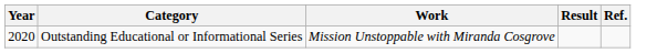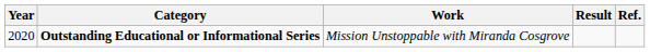 <table class="wikitable">
 <tr>
 <th>Year</th>
 <th>Category</th>
 <th>Work</th>
 <th>Result</th>
 <th>Ref.</th>
 </tr>
 <tr>
 <td rowspan="2">2020</td>
-<td>Outstanding Educational or Informational Series</td>
+<td><strong>Outstanding Educational or Informational Series</strong></td>
 <td rowspan="2"><em>Mission Unstoppable with Miranda Cosgrove</em></td>
 <td></td>
 <td rowspan="2"></td>
 </tr>
 </table>
